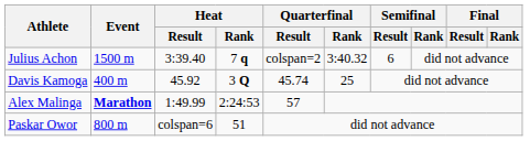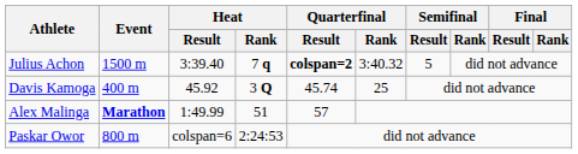 <table class="wikitable" style="font-size:90%">
 <tr>
 <th rowspan="2">Athlete</th>
 <th rowspan="2">Event</th>
 <th colspan="2">Heat</th>
 <th colspan="2">Quarterfinal</th>
 <th colspan="2">Semifinal</th>
 <th colspan="2">Final</th>
 </tr>
 <tr style="font-size:95%">
 <th>Result</th>
 <th>Rank</th>
 <th>Result</th>
 <th>Rank</th>
 <th>Result</th>
 <th>Rank</th>
 <th>Result</th>
 <th>Rank</th>
 </tr>
 <tr align=center>
 <td align=left><a href='#'>Julius Achon</a></td>
 <td align=left><a href='#'>1500 m</a></td>
 <td>3:39.40</td>
 <td>7 <strong>q</strong></td>
-<td>colspan=2 </td>
+<td><strong>colspan=2 </strong></td>
 <td>3:40.32</td>
-<td>6</td>
+<td>5</td>
 <td colspan=6>did not advance</td>
 </tr>
 <tr align=center>
 <td align=left><a href='#'>Davis Kamoga</a></td>
 <td align=left><a href='#'>400 m</a></td>
 <td>45.92</td>
 <td>3 <strong>Q</strong></td>
 <td>45.74</td>
 <td>25</td>
 <td colspan=4>did not advance</td>
 </tr>
 <tr align=center>
 <td align=left><a href='#'>Alex Malinga</a></td>
 <td align=left><strong><a href='#'>Marathon</a></strong></td>
 <td>1:49.99</td>
-<td>2:24:53</td>
+<td>51</td>
 <td>57</td>
 </tr>
 <tr align=center>
 <td align=left><a href='#'>Paskar Owor</a></td>
 <td align=left><a href='#'>800 m</a></td>
 <td>colspan=6 </td>
-<td>51</td>
+<td>2:24:53</td>
 <td colspan=6>did not advance</td>
 </tr>
 </table>
